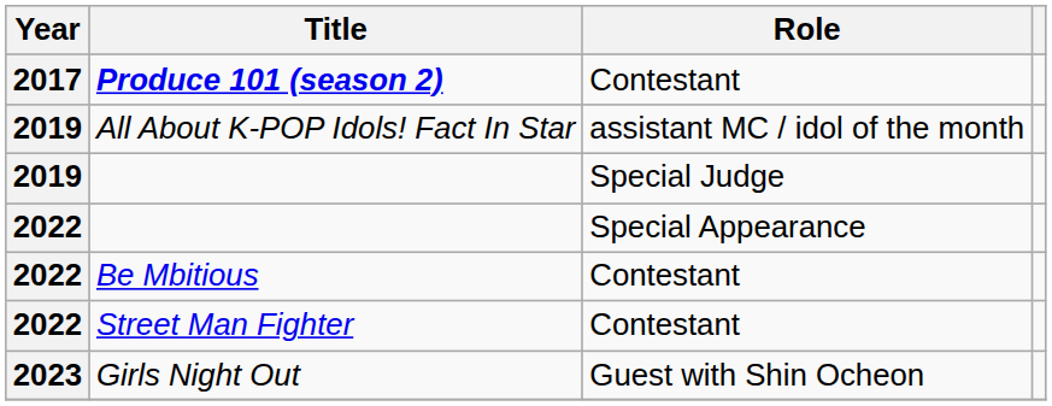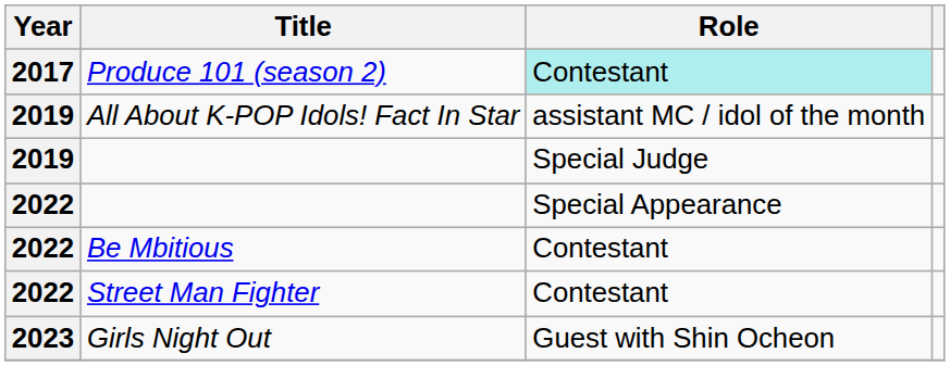 <table class="wikitable plainrowheaders sortable">
 <tr>
 <th>Year</th>
 <th>Title</th>
 <th>Role</th>
 <th></th>
 </tr>
 <tr>
 <th scope="row">2017</th>
-<td><strong><em><a href='#'>Produce 101 (season 2)</a></em></strong></td>
-<td>Contestant</td>
+<td><em><a href='#'>Produce 101 (season 2)</a></em></td>
+<td style="background: paleturquoise;">Contestant</td>
 <td></td>
 </tr>
 <tr>
 <th scope="row">2019</th>
 <td><em>All About K-POP Idols! Fact In Star</em></td>
 <td>assistant MC / idol of the month</td>
 <td></td>
 </tr>
 <tr>
 <th scope="row">2019</th>
 <td><em></em></td>
 <td>Special Judge</td>
 <td></td>
 </tr>
 <tr>
 <th scope="row">2022</th>
 <td><em></em></td>
 <td>Special Appearance</td>
 <td></td>
 </tr>
 <tr>
 <th scope="row">2022</th>
 <td><em><a href='#'>Be Mbitious</a></em></td>
 <td>Contestant</td>
 <td></td>
 </tr>
 <tr>
 <th scope="row">2022</th>
 <td><em><a href='#'>Street Man Fighter</a></em></td>
 <td>Contestant</td>
 <td></td>
 </tr>
 <tr>
 <th scope="row">2023</th>
 <td><em>Girls Night Out</em></td>
 <td>Guest with Shin Ocheon</td>
 <td></td>
 </tr>
 <tr>
 </tr>
 </table>
